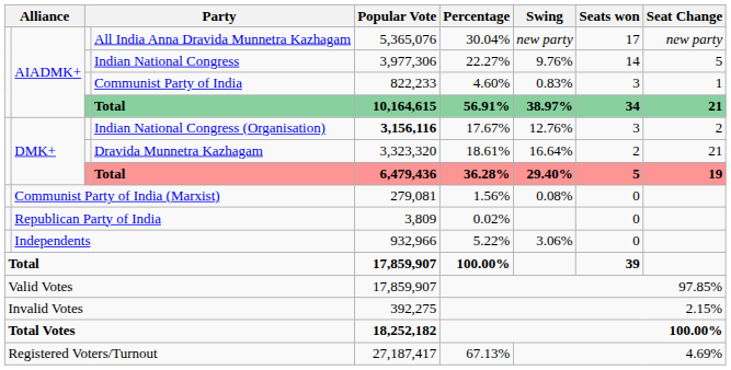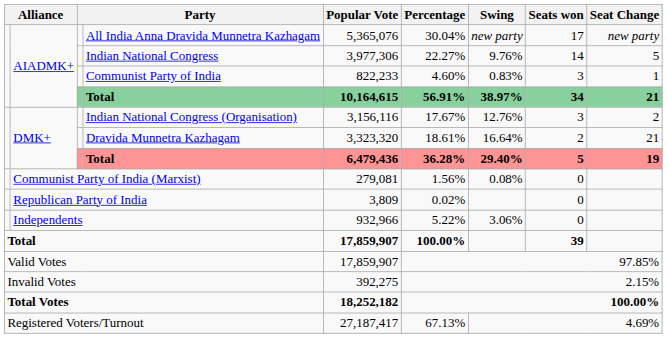 <table class='wikitable'>
 <tr>
 <th colspan="2" align=centre>Alliance</th>
 <th colspan="2" align=centre>Party</th>
 <th align=centre>Popular Vote</th>
 <th align=centre>Percentage</th>
 <th align=centre>Swing</th>
 <th align=centre>Seats won</th>
 <th align=centre>Seat Change</th>
 </tr>
 <tr>
 <td rowspan="4"></td>
 <td rowspan="4"><a href='#'>AIADMK+</a></td>
 <td></td>
 <td><a href='#'>All India Anna Dravida Munnetra Kazhagam</a></td>
 <td align=right>5,365,076</td>
 <td align=right>30.04%</td>
 <td align=right><em>new party</em></td>
 <td align=right>17</td>
 <td align=right><em>new party</em></td>
 </tr>
 <tr>
 <td></td>
 <td><a href='#'>Indian National Congress</a></td>
 <td align=right>3,977,306</td>
 <td align=right>22.27%</td>
 <td align=right>9.76%</td>
 <td align=right>14</td>
 <td align=right>5</td>
 </tr>
 <tr>
 <td></td>
 <td><a href='#'>Communist Party of India</a></td>
 <td align=right>822,233</td>
 <td align=right>4.60%</td>
 <td align=right>0.83%</td>
 <td align=right>3</td>
 <td align=right>1</td>
 </tr>
 <tr>
 <td style="background:#88D19F"></td>
 <td style="background:#88D19F" align=left><strong>Total</strong></td>
 <td style="background:#88D19F" align=right><strong>10,164,615</strong></td>
 <td style="background:#88D19F" align=right><strong>56.91%</strong></td>
 <td style="background:#88D19F" align=right><strong>38.97%</strong></td>
 <td style="background:#88D19F" align=right><strong>34</strong></td>
 <td style="background:#88D19F" align=right><strong>21</strong></td>
 </tr>
 <tr>
 <td rowspan="3"></td>
 <td rowspan="3"><a href='#'>DMK+</a></td>
 <td></td>
 <td><a href='#'>Indian National Congress (Organisation)</a></td>
-<td align=right><strong>3,156,116</strong></td>
+<td align=right>3,156,116</td>
 <td align=right>17.67%</td>
 <td align=right>12.76%</td>
 <td align=right>3</td>
 <td align=right>2</td>
 </tr>
 <tr>
 <td></td>
 <td><a href='#'>Dravida Munnetra Kazhagam</a></td>
 <td align=right>3,323,320</td>
 <td align=right>18.61%</td>
 <td align=right>16.64%</td>
 <td align=right>2</td>
 <td align=right>21</td>
 </tr>
 <tr>
 <td style="background:#FF9494"></td>
 <td style="background:#FF9494" align=left><strong>Total</strong></td>
 <td style="background:#FF9494" align=right><strong>6,479,436</strong></td>
 <td style="background:#FF9494" align=right><strong>36.28%</strong></td>
 <td style="background:#FF9494" align=right><strong>29.40%</strong></td>
 <td style="background:#FF9494" align=right><strong>5</strong></td>
 <td style="background:#FF9494" align=right><strong>19</strong></td>
 </tr>
 <tr>
 <td></td>
 <td colspan="3" align=left><a href='#'>Communist Party of India (Marxist)</a></td>
 <td align=right>279,081</td>
 <td align=right>1.56%</td>
 <td align=right>0.08%</td>
 <td align=right>0</td>
 <td align=right></td>
 </tr>
 <tr>
 <td></td>
 <td colspan="3" align=left><a href='#'>Republican Party of India</a></td>
 <td align=right>3,809</td>
 <td align=right>0.02%</td>
 <td align=right></td>
 <td align=right>0</td>
 <td align=right></td>
 </tr>
 <tr>
 <td></td>
 <td colspan="3" align=left><a href='#'>Independents</a></td>
 <td align=right>932,966</td>
 <td align=right>5.22%</td>
 <td align=right>3.06%</td>
 <td align=right>0</td>
 <td align=right></td>
 </tr>
 <tr>
 <td colspan="4" align=left><strong>Total</strong></td>
 <td align=right><strong>17,859,907</strong></td>
 <td align=right><strong>100.00%</strong></td>
 <td align=right></td>
 <td align=right><strong>39</strong></td>
 <td align=right></td>
 </tr>
 <tr>
 <td colspan="4" align=left>Valid Votes</td>
 <td align=right>17,859,907</td>
 <td colspan="4" align=right>97.85%</td>
 </tr>
 <tr>
 <td colspan="4" align=left>Invalid Votes</td>
 <td align=right>392,275</td>
 <td colspan="4" align=right>2.15%</td>
 </tr>
 <tr>
 <td colspan="4" align=left><strong>Total Votes</strong></td>
 <td align=right><strong>18,252,182</strong></td>
 <td colspan="4" align=right><strong>100.00%</strong></td>
 </tr>
 <tr>
 <td colspan="4" align=left>Registered Voters/Turnout</td>
 <td align=right>27,187,417</td>
 <td align=right>67.13%</td>
 <td colspan="3" align=right>4.69%</td>
 </tr>
 </table>
